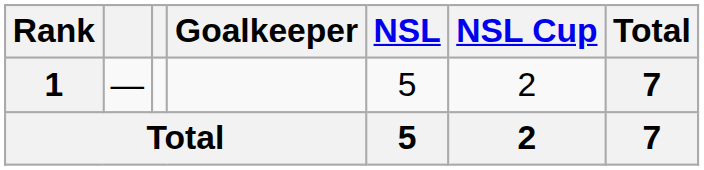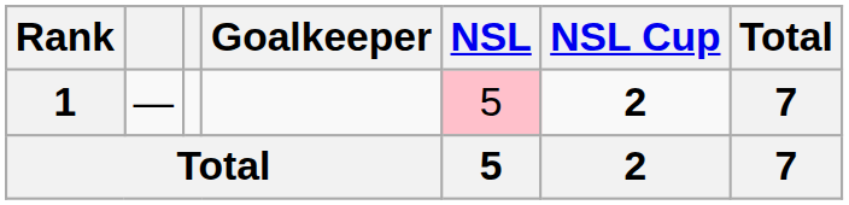 <table class="wikitable sortable" style="text-align:center">
 <tr>
 <th>Rank</th>
 <th></th>
 <th></th>
 <th>Goalkeeper</th>
 <th><a href='#'>NSL</a></th>
 <th><a href='#'>NSL Cup</a></th>
 <th>Total</th>
 </tr>
 <tr>
 <th>1</th>
 <td>—</td>
 <td></td>
 <td align="left"></td>
-<td>5</td>
-<td>2</td>
+<td style="background: pink;">5</td>
+<td><strong>2</strong></td>
 <th>7</th>
 </tr>
 <tr>
 <th colspan="4">Total</th>
 <th>5</th>
 <th>2</th>
 <th>7</th>
 </tr>
 </table>
